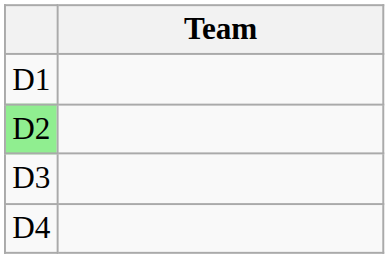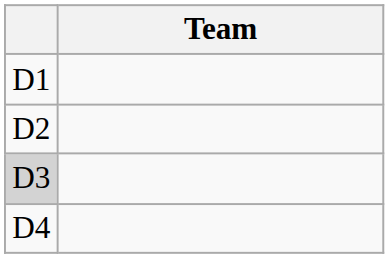 <table class="wikitable" style="display:inline-table;">
 <tr>
 <th></th>
 <th width=160>Team</th>
 </tr>
 <tr>
 <td align=center>D1</td>
 <td></td>
 </tr>
 <tr>
-<td align=center style="background: lightgreen;">D2</td>
+<td align=center>D2</td>
 <td></td>
 </tr>
 <tr>
-<td align=center>D3</td>
+<td align=center style="background: lightgrey;">D3</td>
 <td></td>
 </tr>
 <tr>
 <td align=center>D4</td>
 <td></td>
 </tr>
 </table>
